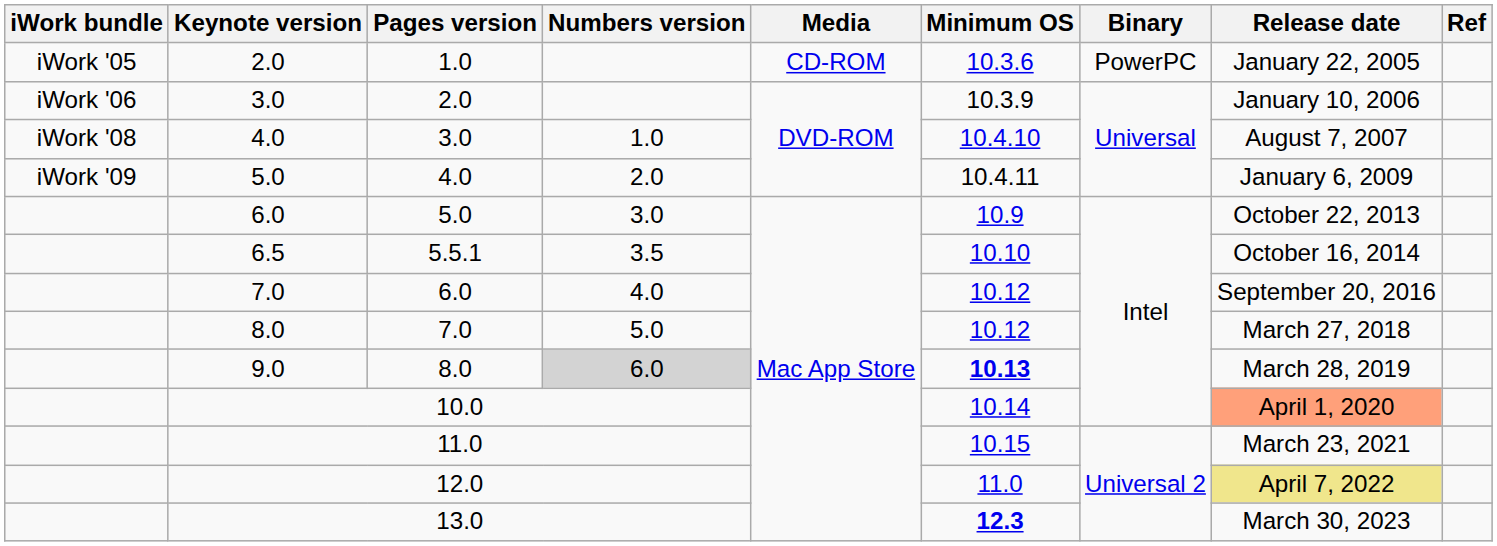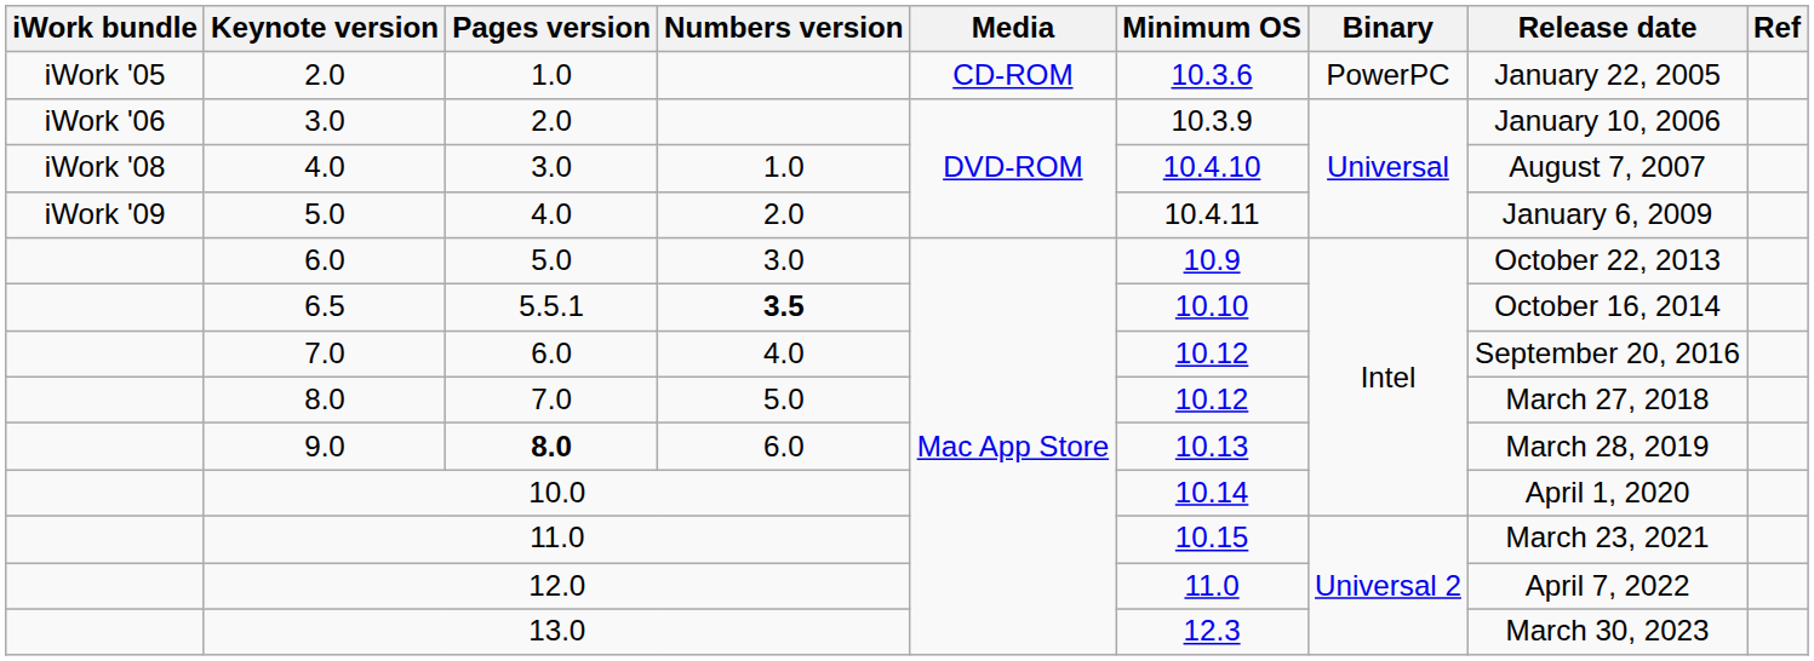 <table class="wikitable" style="text-align: center;">
 <tr>
 <th>iWork bundle</th>
 <th>Keynote version</th>
 <th>Pages version</th>
 <th>Numbers version</th>
 <th>Media</th>
 <th>Minimum OS</th>
 <th>Binary</th>
 <th>Release date</th>
 <th>Ref</th>
 </tr>
 <tr>
 <td>iWork '05</td>
 <td>2.0</td>
 <td>1.0</td>
 <td></td>
 <td><a href='#'>CD-ROM</a></td>
 <td><a href='#'>10.3.6</a></td>
 <td>PowerPC</td>
 <td>January 22, 2005</td>
 <td></td>
 </tr>
 <tr>
 <td>iWork '06</td>
 <td>3.0</td>
 <td>2.0</td>
 <td></td>
 <td rowspan="3"><a href='#'>DVD-ROM</a></td>
 <td>10.3.9</td>
 <td rowspan="3"><a href='#'>Universal</a></td>
 <td>January 10, 2006</td>
 <td></td>
 </tr>
 <tr>
 <td>iWork '08</td>
 <td>4.0</td>
 <td>3.0</td>
 <td>1.0</td>
 <td><a href='#'>10.4.10</a></td>
 <td>August 7, 2007</td>
 <td></td>
 </tr>
 <tr>
 <td>iWork '09</td>
 <td>5.0</td>
 <td>4.0</td>
 <td>2.0</td>
 <td>10.4.11</td>
 <td>January 6, 2009</td>
 <td></td>
 </tr>
 <tr>
 <td></td>
 <td>6.0</td>
 <td>5.0</td>
 <td>3.0</td>
 <td rowspan="9"><a href='#'>Mac App Store</a></td>
 <td><a href='#'>10.9</a></td>
 <td rowspan="6">Intel</td>
 <td>October 22, 2013</td>
 <td></td>
 </tr>
 <tr>
 <td></td>
 <td>6.5</td>
 <td>5.5.1</td>
-<td>3.5</td>
+<td><strong>3.5</strong></td>
 <td><a href='#'>10.10</a></td>
 <td>October 16, 2014</td>
 <td></td>
 </tr>
 <tr>
 <td></td>
 <td>7.0</td>
 <td>6.0</td>
 <td>4.0</td>
 <td><a href='#'>10.12</a></td>
 <td>September 20, 2016</td>
 <td></td>
 </tr>
 <tr>
 <td></td>
 <td>8.0</td>
 <td>7.0</td>
 <td>5.0</td>
 <td><a href='#'>10.12</a></td>
 <td>March 27, 2018</td>
 <td></td>
 </tr>
 <tr>
 <td></td>
 <td>9.0</td>
-<td>8.0</td>
-<td style="background: lightgrey;">6.0</td>
-<td><strong><a href='#'>10.13</a></strong></td>
+<td><strong>8.0</strong></td>
+<td>6.0</td>
+<td><a href='#'>10.13</a></td>
 <td>March 28, 2019</td>
 <td></td>
 </tr>
 <tr>
 <td></td>
 <td colspan="3">10.0</td>
 <td><a href='#'>10.14</a></td>
-<td style="background: lightsalmon;">April 1, 2020</td>
+<td>April 1, 2020</td>
 <td></td>
 </tr>
 <tr>
 <td></td>
 <td colspan="3">11.0</td>
 <td><a href='#'>10.15</a></td>
 <td rowspan="3"><a href='#'>Universal 2</a></td>
 <td>March 23, 2021</td>
 <td></td>
 </tr>
 <tr>
 <td></td>
 <td colspan="3">12.0</td>
 <td><a href='#'>11.0</a></td>
-<td style="background: khaki;">April 7, 2022</td>
+<td>April 7, 2022</td>
 <td></td>
 </tr>
 <tr>
 <td></td>
 <td colspan="3">13.0</td>
-<td><strong><a href='#'>12.3</a></strong></td>
+<td><a href='#'>12.3</a></td>
 <td>March 30, 2023</td>
 <td></td>
 </tr>
 </table>
